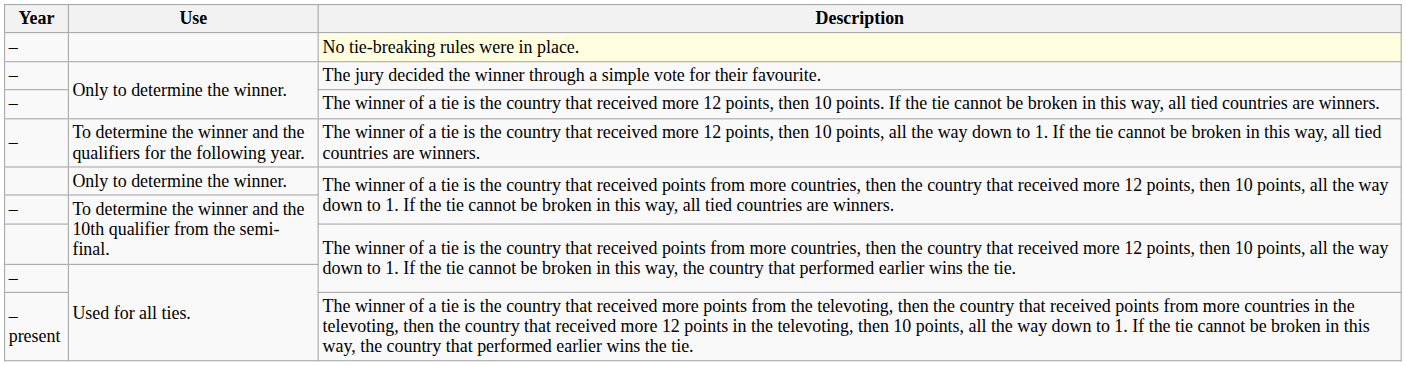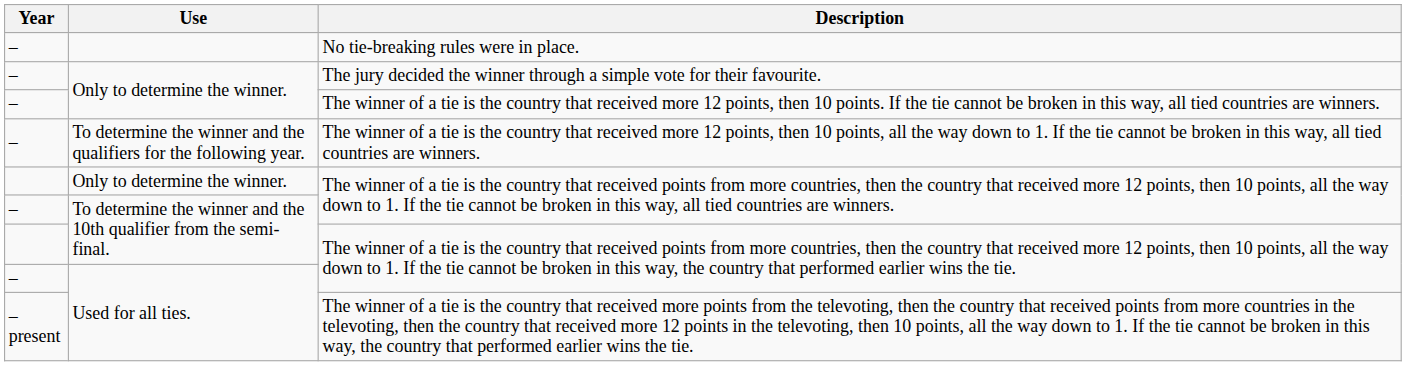 <table class="wikitable plainrowheaders" style="text-align:left;">
 <tr>
 <th scope="col">Year</th>
 <th scope="col">Use</th>
 <th scope="col">Description</th>
 </tr>
 <tr>
 <td class="nowrap">–</td>
 <td></td>
-<td style="background: lightyellow;">No tie-breaking rules were in place.</td>
+<td>No tie-breaking rules were in place.</td>
 </tr>
 <tr>
 <td class="nowrap">–</td>
 <td rowspan="2">Only to determine the winner.</td>
 <td>The jury decided the winner through a simple vote for their favourite.</td>
 </tr>
 <tr>
 <td class="nowrap">–</td>
 <td>The winner of a tie is the country that received more 12 points, then 10 points. If the tie cannot be broken in this way, all tied countries are winners.</td>
 </tr>
 <tr>
 <td class="nowrap">–</td>
 <td>To determine the winner and the qualifiers for the following year.</td>
 <td>The winner of a tie is the country that received more 12 points, then 10 points, all the way down to 1. If the tie cannot be broken in this way, all tied countries are winners.</td>
 </tr>
 <tr>
 <td class="nowrap"></td>
 <td>Only to determine the winner.</td>
 <td rowspan="2">The winner of a tie is the country that received points from more countries, then the country that received more 12 points, then 10 points, all the way down to 1. If the tie cannot be broken in this way, all tied countries are winners.</td>
 </tr>
 <tr>
 <td class="nowrap">–</td>
 <td rowspan="2">To determine the winner and the 10th qualifier from the semi-final.</td>
 </tr>
 <tr>
 <td class="nowrap"></td>
 <td rowspan="2">The winner of a tie is the country that received points from more countries, then the country that received more 12 points, then 10 points, all the way down to 1. If the tie cannot be broken in this way, the country that performed earlier wins the tie.</td>
 </tr>
 <tr>
 <td class="nowrap">–</td>
 <td rowspan="2">Used for all ties.</td>
 </tr>
 <tr>
 <td class="nowrap">–present</td>
 <td>The winner of a tie is the country that received more points from the televoting, then the country that received points from more countries in the televoting, then the country that received more 12 points in the televoting, then 10 points, all the way down to 1. If the tie cannot be broken in this way, the country that performed earlier wins the tie.</td>
 </tr>
 </table>
